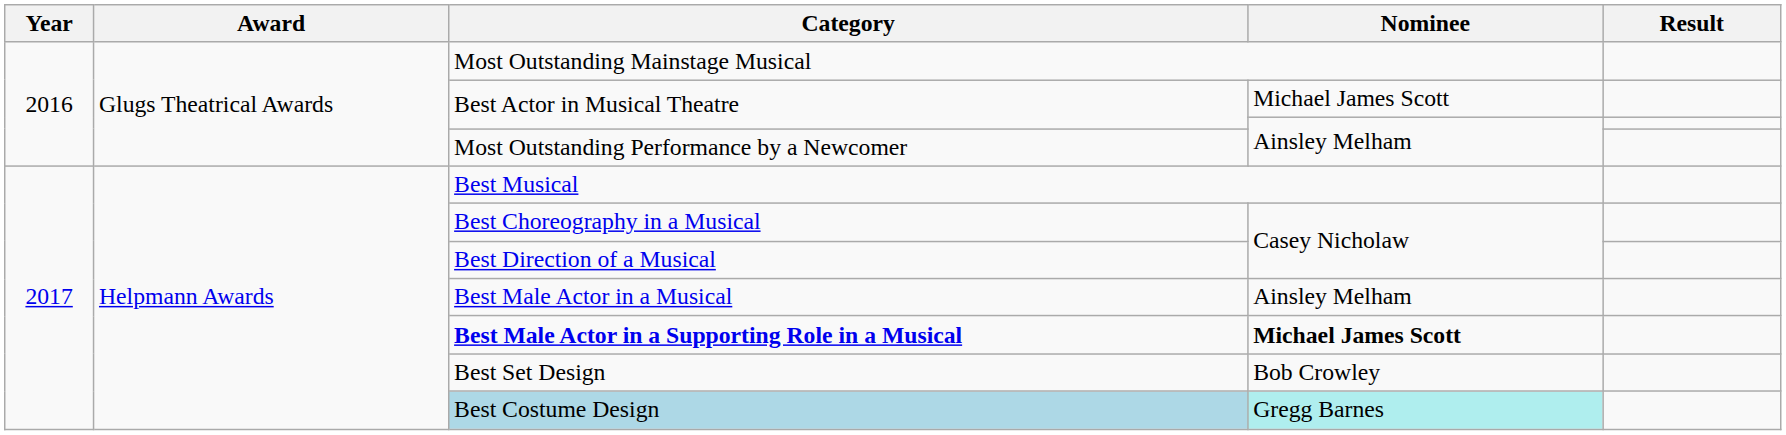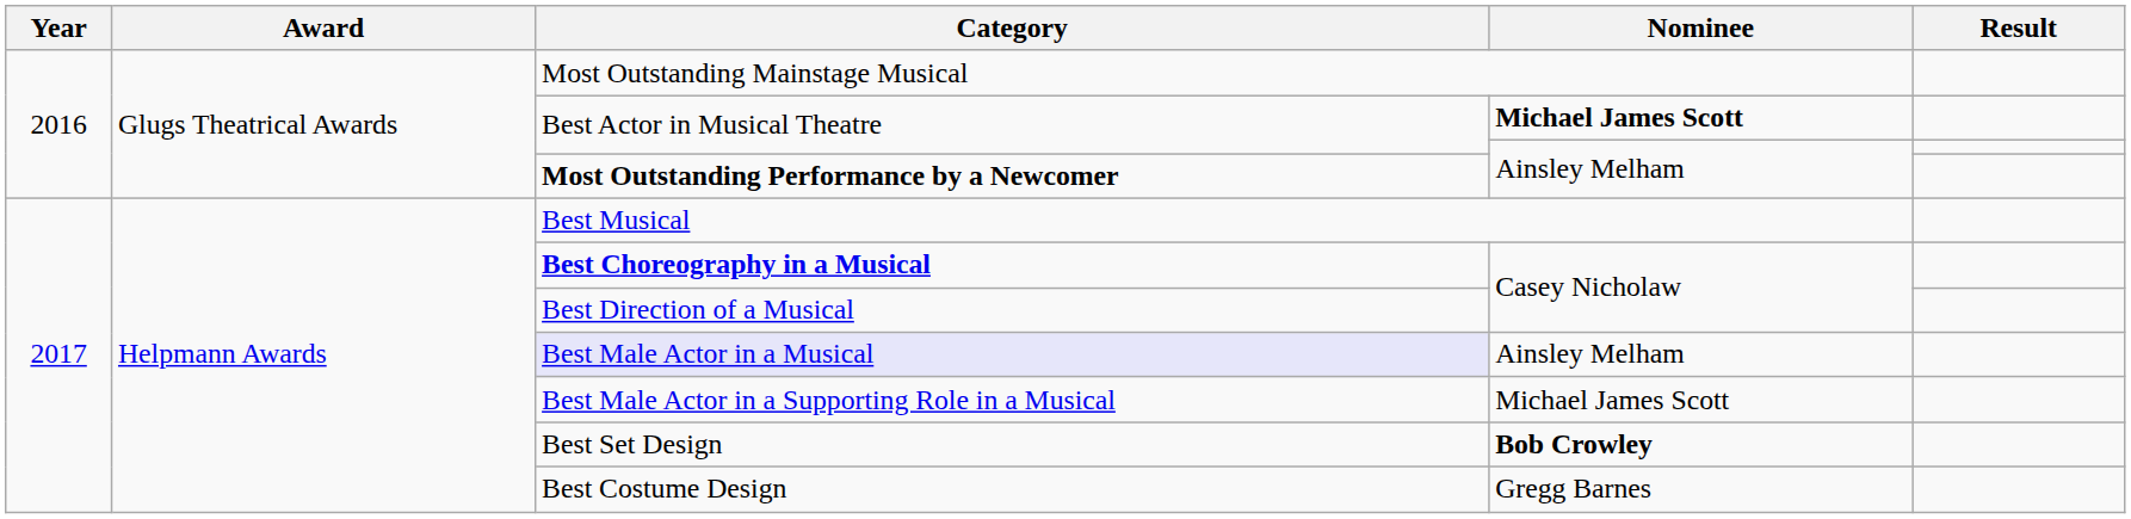 <table class="wikitable" style="width:95%;">
 <tr>
 <th style="width:5%;">Year</th>
 <th style="width:20%;">Award</th>
 <th style="width:45%;">Category</th>
 <th style="width:20%;">Nominee</th>
 <th style="width:10%;">Result</th>
 </tr>
 <tr>
 <td rowspan="4" style="text-align:center;">2016</td>
 <td rowspan=4>Glugs Theatrical Awards</td>
 <td colspan=2>Most Outstanding Mainstage Musical</td>
 <td></td>
 </tr>
 <tr>
 <td rowspan=2>Best Actor in Musical Theatre</td>
-<td>Michael James Scott</td>
+<td><strong>Michael James Scott</strong></td>
 <td></td>
 </tr>
 <tr>
 <td rowspan=2>Ainsley Melham</td>
 <td></td>
 </tr>
 <tr>
-<td colspan=1>Most Outstanding Performance by a Newcomer</td>
+<td colspan=1><strong>Most Outstanding Performance by a Newcomer</strong></td>
 <td></td>
 </tr>
 <tr>
 <td rowspan="7" style="text-align:center;"><a href='#'>2017</a></td>
 <td rowspan="7"><a href='#'>Helpmann Awards</a></td>
 <td colspan="2"><a href='#'>Best Musical</a></td>
 <td></td>
 </tr>
 <tr>
-<td><a href='#'>Best Choreography in a Musical</a></td>
+<td><strong><a href='#'>Best Choreography in a Musical</a></strong></td>
 <td rowspan="2">Casey Nicholaw</td>
 <td></td>
 </tr>
 <tr>
 <td><a href='#'>Best Direction of a Musical</a></td>
 <td></td>
 </tr>
 <tr>
-<td><a href='#'>Best Male Actor in a Musical</a></td>
+<td style="background: lavender;"><a href='#'>Best Male Actor in a Musical</a></td>
 <td>Ainsley Melham</td>
 <td></td>
 </tr>
 <tr>
-<td><strong><a href='#'>Best Male Actor in a Supporting Role in a Musical</a></strong></td>
-<td><strong>Michael James Scott</strong></td>
+<td><a href='#'>Best Male Actor in a Supporting Role in a Musical</a></td>
+<td>Michael James Scott</td>
 <td></td>
 </tr>
 <tr>
 <td>Best Set Design</td>
-<td>Bob Crowley</td>
+<td><strong>Bob Crowley</strong></td>
 <td></td>
 </tr>
 <tr>
-<td style="background: lightblue;">Best Costume Design</td>
-<td style="background: paleturquoise;">Gregg Barnes</td>
+<td>Best Costume Design</td>
+<td>Gregg Barnes</td>
 <td></td>
 </tr>
 </table>
